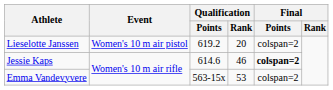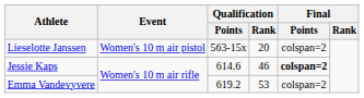 <table class="wikitable" style="text-align:center; font-size:90%">
 <tr>
 <th rowspan=2>Athlete</th>
 <th rowspan=2>Event</th>
 <th colspan=2>Qualification</th>
 <th colspan=2>Final</th>
 </tr>
 <tr style="font-size:95%">
 <th>Points</th>
 <th>Rank</th>
 <th>Points</th>
 <th>Rank</th>
 </tr>
 <tr>
 <td align=left><a href='#'>Lieselotte Janssen</a></td>
 <td align=left><a href='#'>Women's 10 m air pistol</a></td>
-<td>619.2</td>
+<td>563-15x</td>
 <td>20</td>
 <td>colspan=2 </td>
 </tr>
 <tr>
 <td align=left><a href='#'>Jessie Kaps</a></td>
 <td rowspan=2 align=left><a href='#'>Women's 10 m air rifle</a></td>
 <td>614.6</td>
 <td>46</td>
 <td><strong>colspan=2 </strong></td>
 </tr>
 <tr>
 <td align=left><a href='#'>Emma Vandevyvere</a></td>
-<td>563-15x</td>
+<td>619.2</td>
 <td>53</td>
 <td>colspan=2 </td>
 </tr>
 </table>
